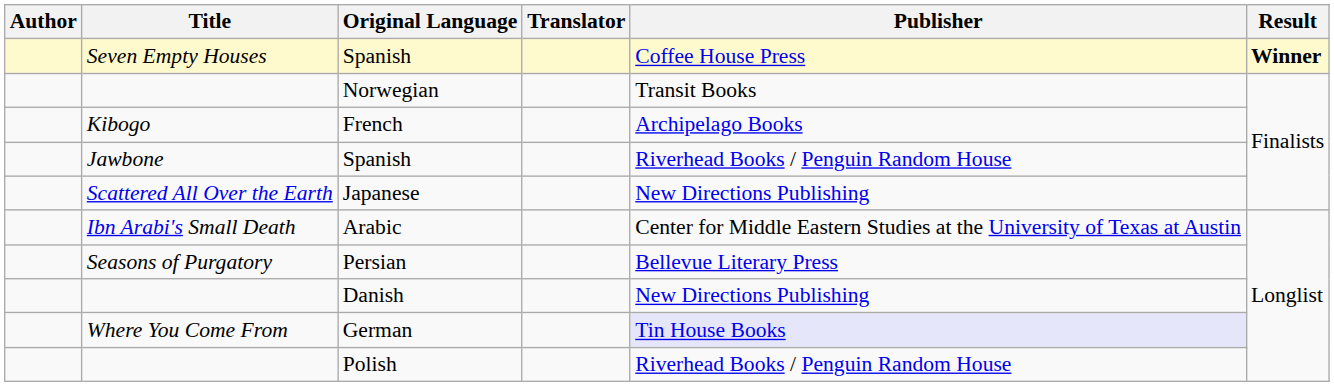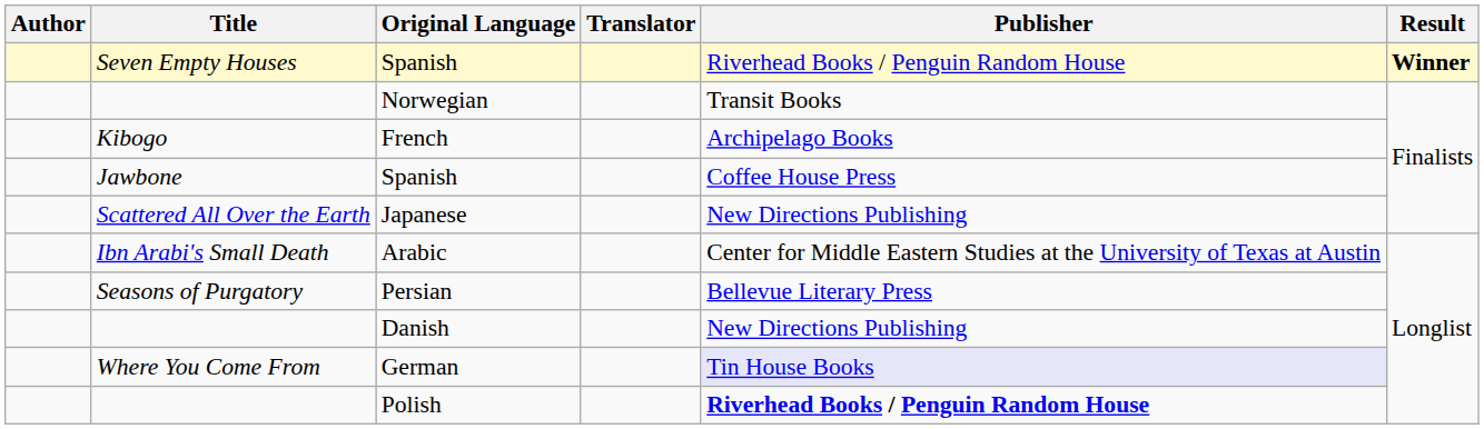 <table class="wikitable">
 <tr>
 <th>Author</th>
 <th>Title</th>
 <th>Original Language</th>
 <th>Translator</th>
 <th>Publisher</th>
 <th>Result</th>
 </tr>
 <tr style=background:LemonChiffon; color:black>
 <td></td>
 <td><em>Seven Empty Houses</em></td>
 <td>Spanish</td>
 <td></td>
-<td><a href='#'>Coffee House Press</a></td>
+<td><a href='#'>Riverhead Books</a> / <a href='#'>Penguin Random House</a></td>
 <td><strong>Winner</strong></td>
 </tr>
 <tr>
 <td></td>
 <td><em></em></td>
 <td>Norwegian</td>
 <td></td>
 <td>Transit Books</td>
 <td rowspan=4>Finalists</td>
 </tr>
 <tr>
 <td></td>
 <td><em>Kibogo</em></td>
 <td>French</td>
 <td></td>
 <td><a href='#'>Archipelago Books</a></td>
 </tr>
 <tr>
 <td></td>
 <td><em>Jawbone</em></td>
 <td>Spanish</td>
 <td></td>
-<td><a href='#'>Riverhead Books</a> / <a href='#'>Penguin Random House</a></td>
+<td><a href='#'>Coffee House Press</a></td>
 </tr>
 <tr>
 <td></td>
 <td><em><a href='#'>Scattered All Over the Earth</a></em></td>
 <td>Japanese</td>
 <td></td>
 <td><a href='#'>New Directions Publishing</a></td>
 </tr>
 <tr>
 <td></td>
 <td><em><a href='#'>Ibn Arabi's</a> Small Death</em></td>
 <td>Arabic</td>
 <td></td>
 <td>Center for Middle Eastern Studies at the <a href='#'>University of Texas at Austin</a></td>
 <td rowspan=5>Longlist</td>
 </tr>
 <tr>
 <td></td>
 <td><em>Seasons of Purgatory</em></td>
 <td>Persian</td>
 <td></td>
 <td><a href='#'>Bellevue Literary Press</a></td>
 </tr>
 <tr>
 <td></td>
 <td><em></em></td>
 <td>Danish</td>
 <td></td>
 <td><a href='#'>New Directions Publishing</a></td>
 </tr>
 <tr>
 <td></td>
 <td><em>Where You Come From</em></td>
 <td>German</td>
 <td></td>
 <td style="background: lavender;"><a href='#'>Tin House Books</a></td>
 </tr>
 <tr>
 <td></td>
 <td><em></em></td>
 <td>Polish</td>
 <td></td>
-<td><a href='#'>Riverhead Books</a> / <a href='#'>Penguin Random House</a></td>
+<td><strong><a href='#'>Riverhead Books</a> / <a href='#'>Penguin Random House</a></strong></td>
 </tr>
 </table>
